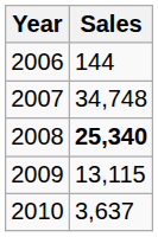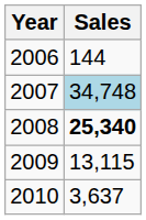 <table class="wikitable">
 <tr>
 <th>Year</th>
 <th>Sales</th>
 </tr>
 <tr>
 <td>2006</td>
 <td>144</td>
 </tr>
 <tr>
 <td>2007</td>
-<td>34,748</td>
+<td style="background: lightblue;">34,748</td>
 </tr>
 <tr>
 <td>2008</td>
 <td><strong>25,340</strong></td>
 </tr>
 <tr>
 <td>2009</td>
 <td>13,115</td>
 </tr>
 <tr>
 <td>2010</td>
 <td>3,637</td>
 </tr>
 </table>
